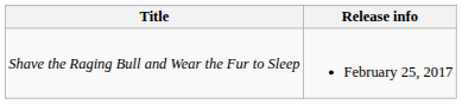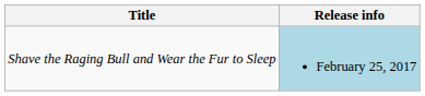 <table class="wikitable">
 <tr>
 <th>Title</th>
 <th>Release info</th>
 </tr>
 <tr>
 <td><em>Shave the Raging Bull and Wear the Fur to Sleep</em></td>
-<td><br><ul><li>February 25, 2017</li></ul></td>
+<td style="background: lightblue;"><br><ul><li>February 25, 2017</li></ul></td>
 </tr>
 </table>
